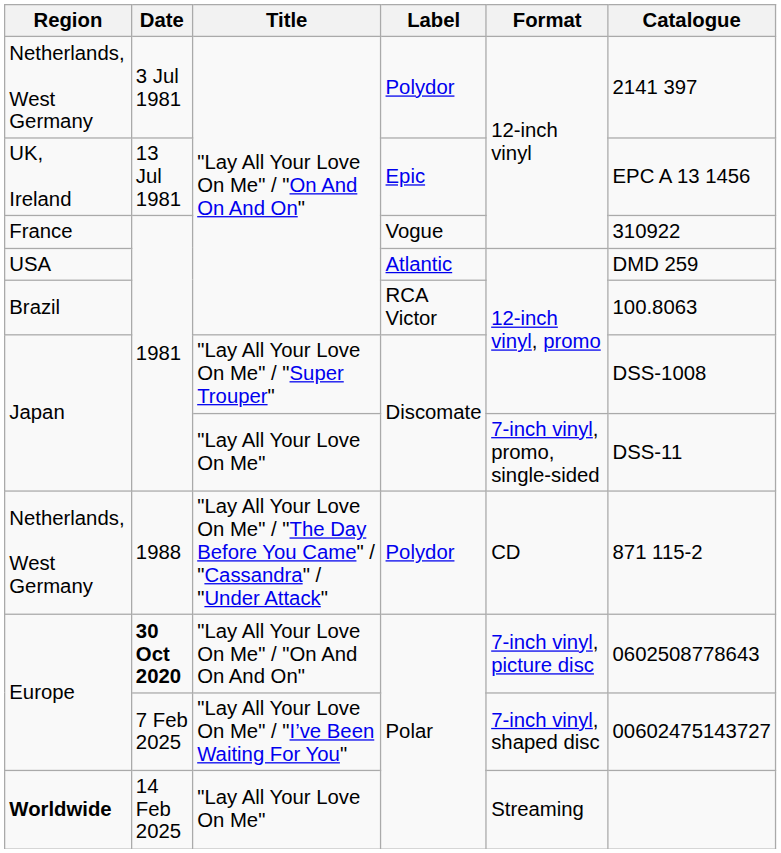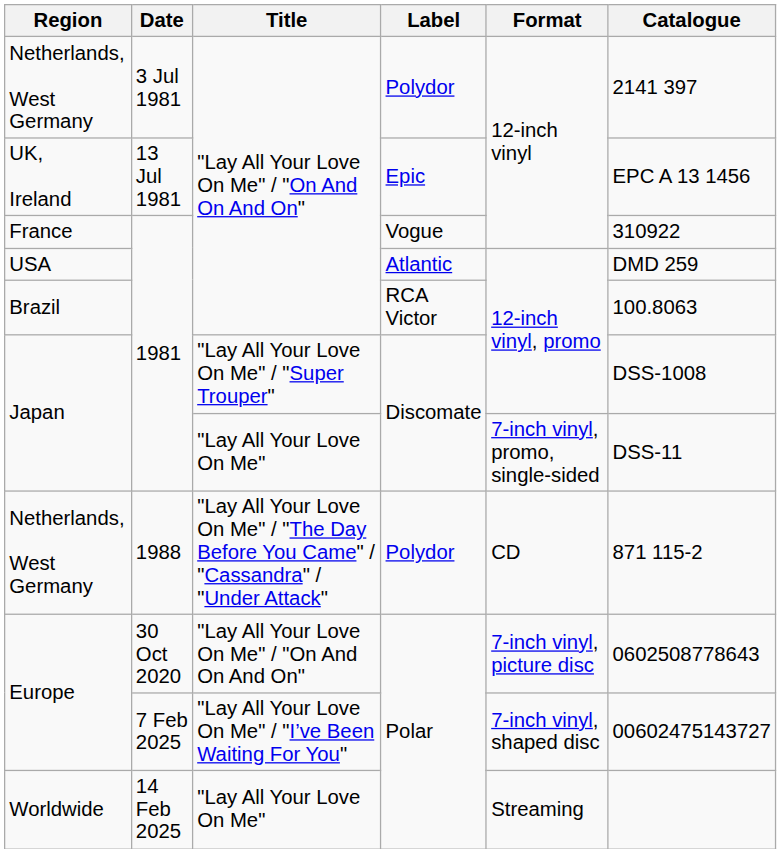 <table class="wikitable">
 <tr>
 <th>Region</th>
 <th>Date</th>
 <th>Title</th>
 <th>Label</th>
 <th>Format</th>
 <th>Catalogue</th>
 </tr>
 <tr>
 <td>Netherlands,<br><br>West Germany</td>
 <td>3 Jul 1981</td>
 <td rowspan="5">"Lay All Your Love On Me" / "<a href='#'>On And On And On</a>"</td>
 <td><a href='#'>Polydor</a></td>
 <td rowspan="3">12-inch vinyl</td>
 <td>2141 397</td>
 </tr>
 <tr>
 <td>UK,<br><br>Ireland</td>
 <td>13 Jul 1981</td>
 <td><a href='#'>Epic</a></td>
 <td>EPC A 13 1456</td>
 </tr>
 <tr>
 <td>France</td>
 <td rowspan="5">1981</td>
 <td>Vogue</td>
 <td>310922</td>
 </tr>
 <tr>
 <td>USA</td>
 <td><a href='#'>Atlantic</a></td>
 <td rowspan="3"><a href='#'>12-inch vinyl</a>, <a href='#'>promo</a></td>
 <td>DMD 259</td>
 </tr>
 <tr>
 <td>Brazil</td>
 <td>RCA Victor</td>
 <td>100.8063</td>
 </tr>
 <tr>
 <td rowspan="2">Japan</td>
 <td>"Lay All Your Love On Me" / "<a href='#'>Super Trouper</a>"</td>
 <td rowspan="2">Discomate</td>
 <td>DSS-1008</td>
 </tr>
 <tr>
 <td>"Lay All Your Love On Me"</td>
 <td><a href='#'>7-inch vinyl</a>, promo, single-sided</td>
 <td>DSS-11</td>
 </tr>
 <tr>
 <td>Netherlands,<br><br>West Germany</td>
 <td>1988</td>
 <td>"Lay All Your Love On Me" / "<a href='#'>The Day Before You Came</a>" / "<a href='#'>Cassandra</a>" / "<a href='#'>Under Attack</a>"</td>
 <td><a href='#'>Polydor</a></td>
 <td>CD</td>
 <td>871 115-2</td>
 </tr>
 <tr>
 <td rowspan="2">Europe</td>
-<td><strong>30 Oct 2020</strong></td>
+<td>30 Oct 2020</td>
 <td>"Lay All Your Love On Me" / "On And On And On"</td>
 <td rowspan="3">Polar</td>
 <td><a href='#'>7-inch vinyl</a>, <a href='#'>picture disc</a></td>
 <td>0602508778643</td>
 </tr>
 <tr>
 <td>7 Feb 2025</td>
 <td>"Lay All Your Love On Me" / "<a href='#'>I’ve Been Waiting For You</a>"</td>
 <td><a href='#'>7-inch vinyl</a>, shaped disc</td>
 <td>00602475143727</td>
 </tr>
 <tr>
-<td><strong>Worldwide</strong></td>
+<td>Worldwide</td>
 <td>14 Feb 2025</td>
 <td>"Lay All Your Love On Me"</td>
 <td>Streaming</td>
 <td></td>
 </tr>
 </table>
